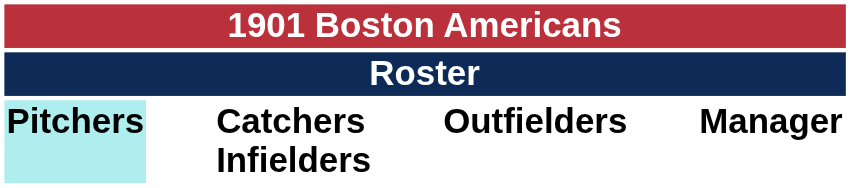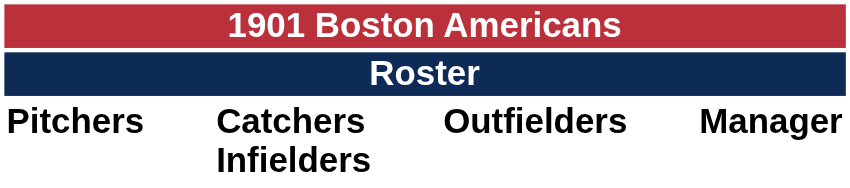 <table class="toccolours" style="text-align: left">
 <tr>
 <th colspan="10" style="background-color: #ba313c; color: white; text-align: center;">1901 Boston Americans</th>
 </tr>
 <tr>
 <td colspan="10" style="background-color: #0d2b56; color: white; text-align: center;"><strong>Roster</strong></td>
 </tr>
 <tr>
-<td valign="top" style="background: paleturquoise;"><strong>Pitchers</strong><br>          </td>
+<td valign="top"><strong>Pitchers</strong><br>          </td>
 <td width="25px"></td>
 <td valign="top"><strong>Catchers</strong><br>   <strong>Infielders</strong>      </td>
 <td width="25px"></td>
 <td valign="top"><strong>Outfielders</strong><br>   </td>
 <td width="25px"></td>
 <td valign="top"><strong>Manager</strong><br></td>
 </tr>
 <tr>
 </tr>
 </table>
